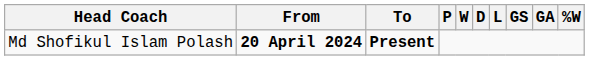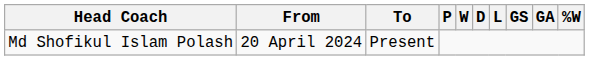 <table class="wikitable sortable" style="text-align: center">
 <tr>
 <th>Head Coach</th>
 <th class="unsortable">From</th>
 <th class="unsortable">To</th>
 <th abbr="3">P</th>
 <th abbr="1">W</th>
 <th abbr="1">D</th>
 <th abbr="1">L</th>
 <th abbr="4">GS</th>
 <th abbr="6">GA</th>
 <th abbr="50">%W</th>
 </tr>
 <tr>
 <td align="left"> Md Shofikul Islam Polash</td>
-<td align="left"><strong>20 April 2024</strong></td>
-<td align="left"><strong>Present<br></strong></td>
+<td align="left">20 April 2024</td>
+<td align="left">Present<br></td>
 </tr>
 </table>
